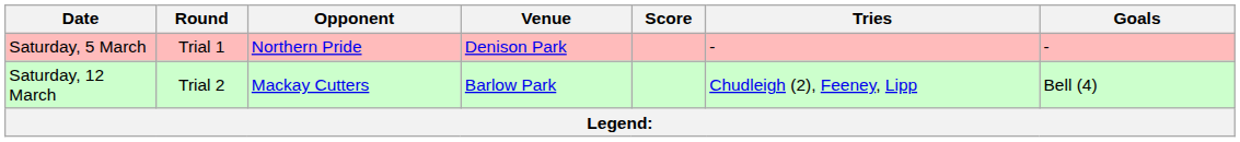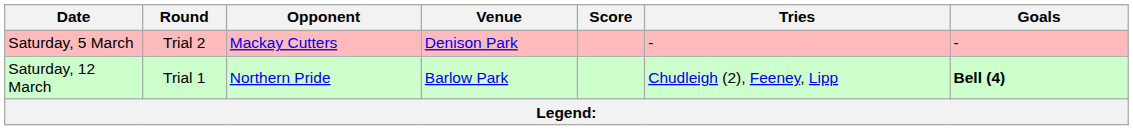 <table class="wikitable" style="font-size:75%;">
 <tr>
 <th style="width:115px;">Date</th>
 <th style="width:65px;">Round</th>
 <th style="width:170px;">Opponent</th>
 <th style="width:135px;">Venue</th>
 <th style="width:50px;">Score</th>
 <th style="width:280px;">Tries</th>
 <th style="width:160px;">Goals</th>
 </tr>
 <tr style="background:#FFBBBB">
 <td>Saturday, 5 March</td>
-<td style="text-align:center;">Trial 1</td>
-<td> <a href='#'>Northern Pride</a></td>
+<td style="text-align:center;">Trial 2</td>
+<td> <a href='#'>Mackay Cutters</a></td>
 <td><a href='#'>Denison Park</a></td>
 <td style="text-align:center;"></td>
 <td>-</td>
 <td>-</td>
 </tr>
 <tr style="background:#CCFFCC">
 <td>Saturday, 12 March</td>
-<td style="text-align:center;">Trial 2</td>
-<td> <a href='#'>Mackay Cutters</a></td>
+<td style="text-align:center;">Trial 1</td>
+<td> <a href='#'>Northern Pride</a></td>
 <td><a href='#'>Barlow Park</a></td>
 <td style="text-align:center;"></td>
 <td><a href='#'>Chudleigh</a> (2), <a href='#'>Feeney</a>, <a href='#'>Lipp</a></td>
-<td>Bell (4)</td>
+<td><strong>Bell (4)</strong></td>
 </tr>
 <tr>
 <th colspan="11"><strong>Legend</strong>:    </th>
 </tr>
 </table>
